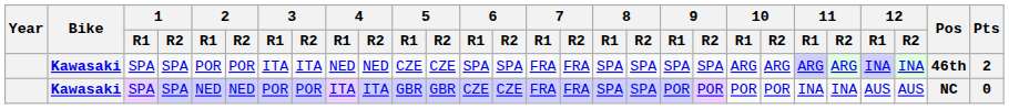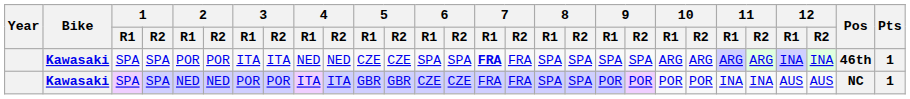 <table class="wikitable" style="text-align:center; font-size:90%;">
 <tr>
 <th rowspan="2">Year</th>
 <th rowspan="2">Bike</th>
 <th colspan="2">1</th>
 <th colspan="2">2</th>
 <th colspan="2">3</th>
 <th colspan="2">4</th>
 <th colspan="2">5</th>
 <th colspan="2">6</th>
 <th colspan="2">7</th>
 <th colspan="2">8</th>
 <th colspan="2">9</th>
 <th colspan="2">10</th>
 <th colspan="2">11</th>
 <th colspan="2">12</th>
 <th rowspan="2">Pos</th>
 <th rowspan="2">Pts</th>
 </tr>
 <tr>
 <th>R1</th>
 <th>R2</th>
 <th>R1</th>
 <th>R2</th>
 <th>R1</th>
 <th>R2</th>
 <th>R1</th>
 <th>R2</th>
 <th>R1</th>
 <th>R2</th>
 <th>R1</th>
 <th>R2</th>
 <th>R1</th>
 <th>R2</th>
 <th>R1</th>
 <th>R2</th>
 <th>R1</th>
 <th>R2</th>
 <th>R1</th>
 <th>R2</th>
 <th>R1</th>
 <th>R2</th>
 <th>R1</th>
 <th>R2</th>
 </tr>
 <tr>
 <th></th>
 <th><a href='#'>Kawasaki</a></th>
 <td><a href='#'>SPA</a></td>
 <td><a href='#'>SPA</a></td>
 <td><a href='#'>POR</a></td>
 <td><a href='#'>POR</a></td>
 <td><a href='#'>ITA</a></td>
 <td><a href='#'>ITA</a></td>
 <td><a href='#'>NED</a></td>
 <td><a href='#'>NED</a></td>
 <td><a href='#'>CZE</a></td>
 <td><a href='#'>CZE</a></td>
 <td><a href='#'>SPA</a></td>
 <td><a href='#'>SPA</a></td>
-<td><a href='#'>FRA</a></td>
+<td><strong><a href='#'>FRA</a></strong></td>
 <td><a href='#'>FRA</a></td>
 <td><a href='#'>SPA</a></td>
 <td><a href='#'>SPA</a></td>
 <td><a href='#'>SPA</a></td>
 <td><a href='#'>SPA</a></td>
 <td><a href='#'>ARG</a></td>
 <td><a href='#'>ARG</a></td>
 <td style="background:#cfcfff;"><a href='#'>ARG</a><br></td>
 <td style="background:#dfffdf;"><a href='#'>ARG</a><br></td>
 <td style="background:#cfcfff;"><a href='#'>INA</a><br></td>
 <td style="background:#dfffdf;"><a href='#'>INA</a><br></td>
 <th>46th</th>
-<th>2</th>
+<th>1</th>
 </tr>
 <tr>
 <th></th>
 <th><a href='#'>Kawasaki</a></th>
 <td style="background:#efcfff;"><a href='#'>SPA</a><br></td>
 <td style="background:#cfcfff;"><a href='#'>SPA</a><br></td>
 <td style="background:#cfcfff;"><a href='#'>NED</a><br></td>
 <td style="background:#cfcfff;"><a href='#'>NED</a><br></td>
 <td style="background:#cfcfff;"><a href='#'>POR</a><br></td>
 <td style="background:#cfcfff;"><a href='#'>POR</a><br></td>
 <td style="background:#efcfff;"><a href='#'>ITA</a><br></td>
 <td style="background:#cfcfff;"><a href='#'>ITA</a><br></td>
 <td style="background:#cfcfff;"><a href='#'>GBR</a><br></td>
 <td style="background:#cfcfff;"><a href='#'>GBR</a><br></td>
 <td style="background:#cfcfff;"><a href='#'>CZE</a><br></td>
 <td style="background:#cfcfff;"><a href='#'>CZE</a><br></td>
 <td style="background:#cfcfff;"><a href='#'>FRA</a><br></td>
 <td style="background:#cfcfff;"><a href='#'>FRA</a><br></td>
 <td style="background:#cfcfff;"><a href='#'>SPA</a><br></td>
 <td style="background:#cfcfff;"><a href='#'>SPA</a><br></td>
 <td style="background:#cfcfff;"><a href='#'>POR</a><br></td>
 <td style="background:#efcfff;"><a href='#'>POR</a><br></td>
 <td><a href='#'>POR</a></td>
 <td><a href='#'>POR</a></td>
 <td><a href='#'>INA</a></td>
 <td><a href='#'>INA</a></td>
 <td><a href='#'>AUS</a></td>
 <td><a href='#'>AUS</a></td>
 <th>NC</th>
-<th>0</th>
+<th>1</th>
 </tr>
 </table>
